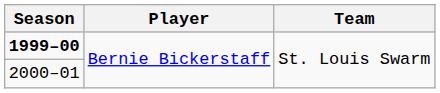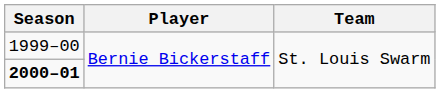 <table class="wikitable">
 <tr>
 <th>Season</th>
 <th>Player</th>
 <th>Team</th>
 </tr>
 <tr>
-<td><strong>1999–00</strong></td>
+<td>1999–00</td>
 <td rowspan="2"><a href='#'>Bernie Bickerstaff</a></td>
 <td rowspan="2">St. Louis Swarm</td>
 </tr>
 <tr>
-<td>2000–01</td>
+<td><strong>2000–01</strong></td>
 </tr>
 </table>
